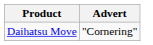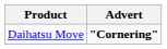 <table class="wikitable">
 <tr>
 <th>Product</th>
 <th>Advert</th>
 </tr>
 <tr>
 <td><a href='#'>Daihatsu Move</a></td>
-<td>"Cornering"</td>
+<td><strong>"Cornering"</strong></td>
 </tr>
 </table>
